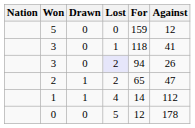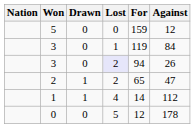 <table class="wikitable" style="text-align: center;">
 <tr>
 <th>Nation</th>
 <th>Won</th>
 <th>Drawn</th>
 <th>Lost</th>
 <th>For</th>
 <th>Against</th>
 </tr>
 <tr>
 <td align="left"></td>
 <td>5</td>
 <td>0</td>
 <td>0</td>
 <td>159</td>
 <td>12</td>
 </tr>
 <tr>
 <td align="left"></td>
 <td>3</td>
 <td>0</td>
 <td>1</td>
-<td>118</td>
-<td>41</td>
+<td>119</td>
+<td>84</td>
 </tr>
 <tr>
 <td align="left"></td>
 <td>3</td>
 <td>0</td>
 <td style="background: lavender;">2</td>
 <td>94</td>
 <td>26</td>
 </tr>
 <tr>
 <td align="left"></td>
 <td>2</td>
 <td>1</td>
 <td>2</td>
 <td>65</td>
 <td>47</td>
 </tr>
 <tr>
 <td align="left"></td>
 <td>1</td>
 <td>1</td>
 <td>4</td>
 <td>14</td>
 <td>112</td>
 </tr>
 <tr>
 <td align="left"></td>
 <td>0</td>
 <td>0</td>
 <td>5</td>
 <td>12</td>
 <td>178</td>
 </tr>
 </table>
